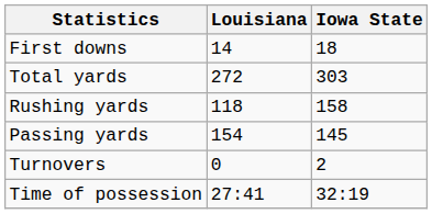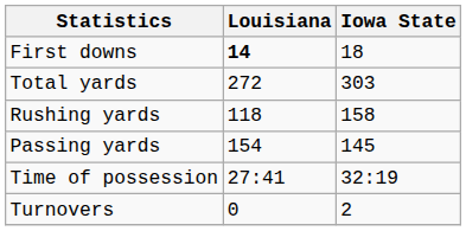 <table class="wikitable">
 <tr>
 <th>Statistics</th>
 <th>Louisiana</th>
 <th>Iowa State</th>
 </tr>
 <tr>
 <td>First downs</td>
-<td>14</td>
+<td><strong>14</strong></td>
 <td>18</td>
 </tr>
 <tr>
 <td>Total yards</td>
 <td>272</td>
 <td>303</td>
 </tr>
 <tr>
 <td>Rushing yards</td>
 <td>118</td>
 <td>158</td>
 </tr>
 <tr>
 <td>Passing yards</td>
 <td>154</td>
 <td>145</td>
 </tr>
 <tr>
+<td>Time of possession</td>
+<td>27:41</td>
+<td>32:19</td>
+</tr>
+<tr>
 <td>Turnovers</td>
 <td>0</td>
 <td>2</td>
 </tr>
 <tr>
-<td>Time of possession</td>
-<td>27:41</td>
-<td>32:19</td>
-</tr>
-<tr>
 </tr>
 </table>
